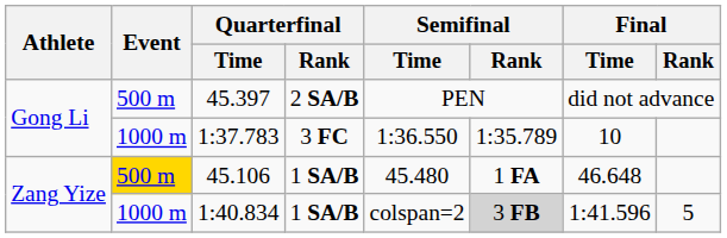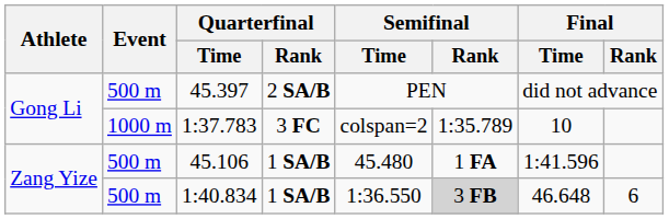 <table class="wikitable" style="font-size:90%">
 <tr>
 <th rowspan=2>Athlete</th>
 <th rowspan=2>Event</th>
 <th colspan=2>Quarterfinal</th>
 <th colspan=2>Semifinal</th>
 <th colspan=2>Final</th>
 </tr>
 <tr style="font-size:95%">
 <th>Time</th>
 <th>Rank</th>
 <th>Time</th>
 <th>Rank</th>
 <th>Time</th>
 <th>Rank</th>
 </tr>
 <tr align=center>
 <td align=left rowspan=2><a href='#'>Gong Li</a></td>
 <td align=left><a href='#'>500 m</a></td>
 <td>45.397</td>
 <td>2 <strong>SA/B</strong></td>
 <td colspan=2>PEN</td>
 <td colspan=2>did not advance</td>
 </tr>
 <tr align=center>
 <td align=left><a href='#'>1000 m</a></td>
 <td>1:37.783</td>
 <td>3 <strong>FC</strong></td>
-<td>1:36.550</td>
+<td>colspan=2 </td>
 <td>1:35.789</td>
 <td>10</td>
 </tr>
 <tr align=center>
 <td align=left rowspan=2><a href='#'>Zang Yize</a></td>
-<td align=left style="background: gold;"><a href='#'>500 m</a></td>
+<td align=left><a href='#'>500 m</a></td>
 <td>45.106</td>
 <td>1 <strong>SA/B</strong></td>
 <td>45.480</td>
 <td>1 <strong>FA</strong></td>
-<td>46.648</td>
+<td>1:41.596</td>
 <td></td>
 </tr>
 <tr align=center>
-<td align=left><a href='#'>1000 m</a></td>
+<td align=left><a href='#'>500 m</a></td>
 <td>1:40.834</td>
 <td>1 <strong>SA/B</strong></td>
-<td>colspan=2 </td>
+<td>1:36.550</td>
 <td style="background: lightgrey;">3 <strong>FB</strong></td>
-<td>1:41.596</td>
-<td>5</td>
+<td>46.648</td>
+<td>6</td>
 </tr>
 </table>
